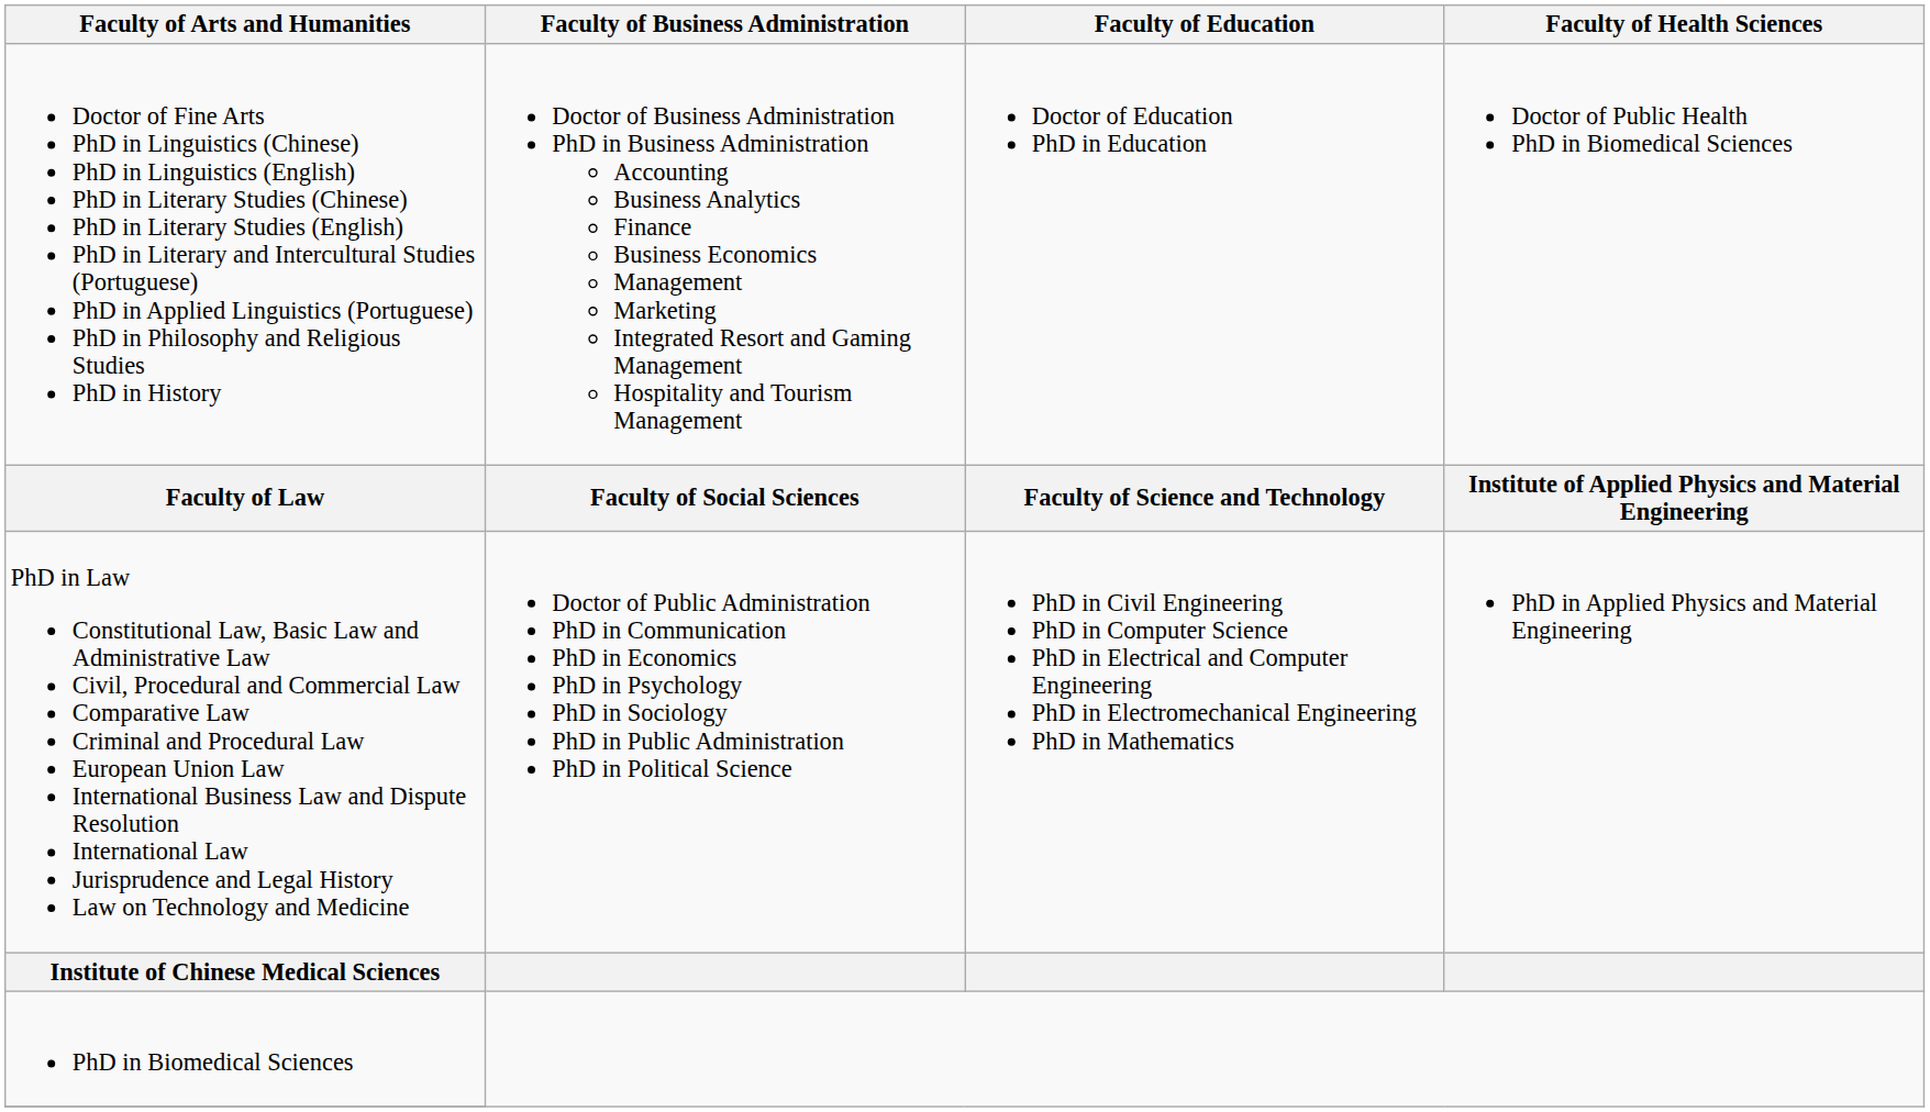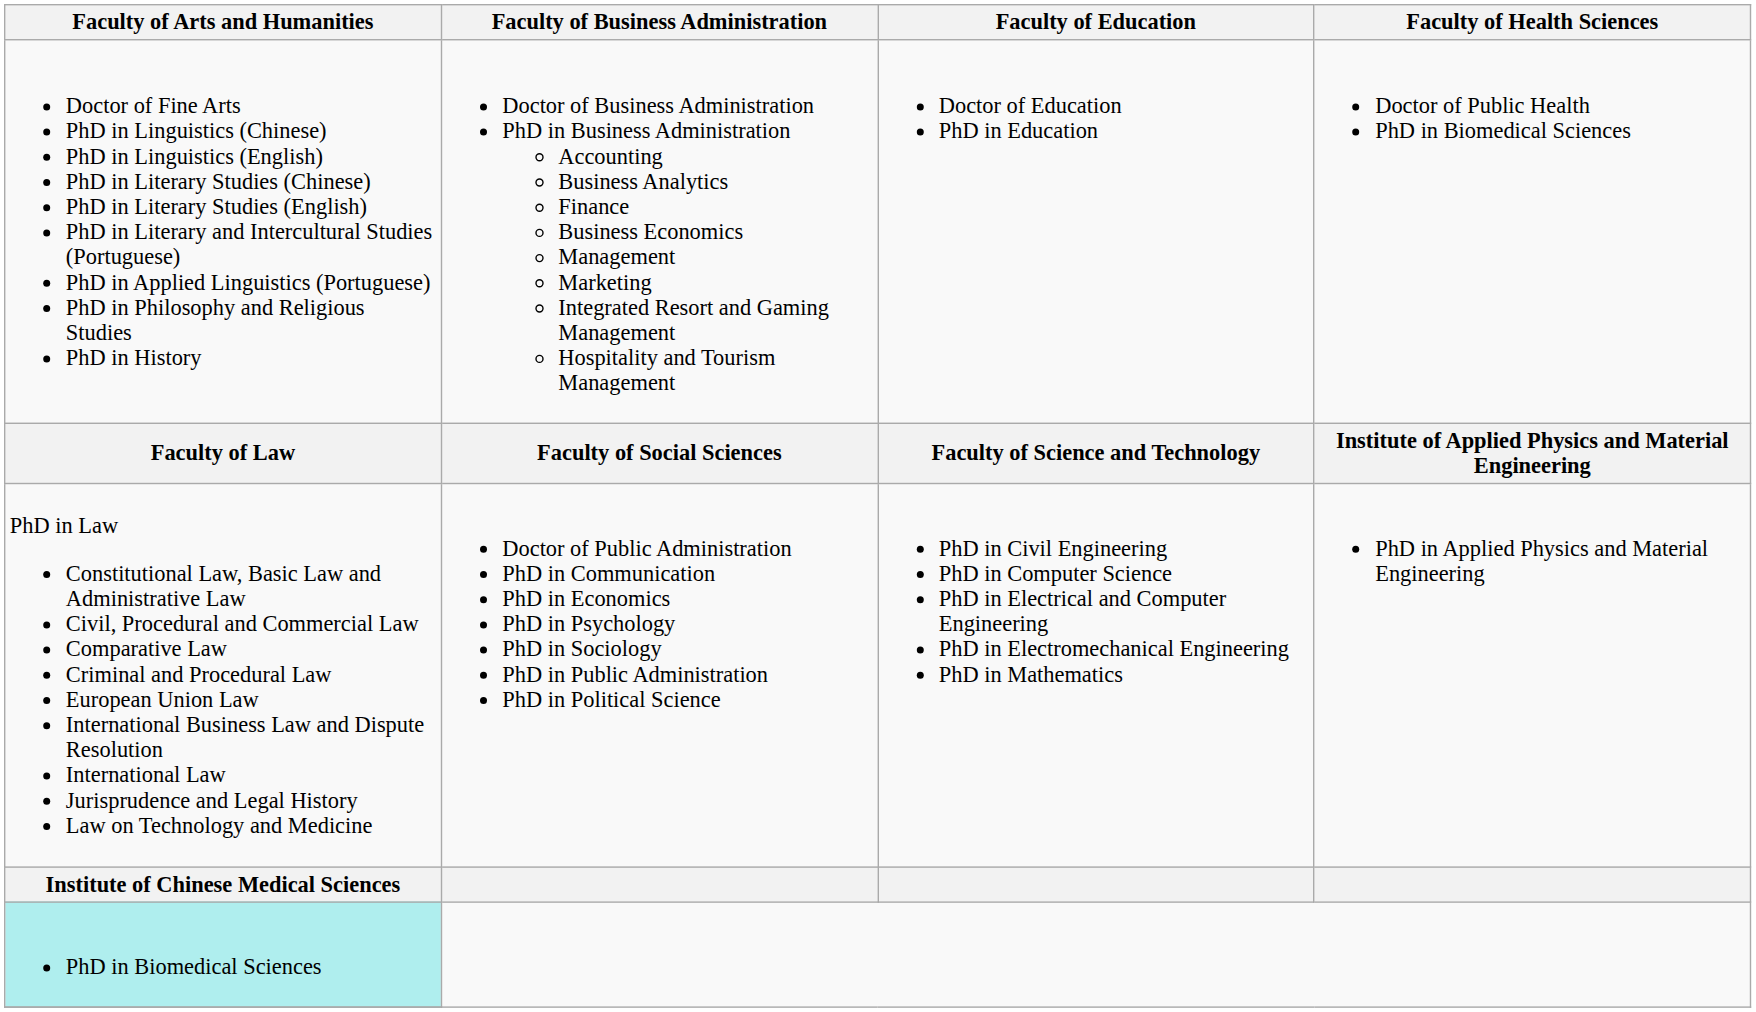 <table class="wikitable">
 <tr>
 <th width="25%">Faculty of Arts and Humanities</th>
 <th width="25%">Faculty of Business Administration</th>
 <th width="25%">Faculty of Education</th>
 <th width="25%">Faculty of Health Sciences</th>
 </tr>
 <tr>
 <td valign="top"><br><ul><li>Doctor of Fine Arts</li><li>PhD in Linguistics (Chinese)</li><li>PhD in Linguistics (English)</li><li>PhD in Literary Studies (Chinese)</li><li>PhD in Literary Studies (English)</li><li>PhD in Literary and Intercultural Studies (Portuguese)</li><li>PhD in Applied Linguistics (Portuguese)</li><li>PhD in Philosophy and Religious Studies</li><li>PhD in History</li></ul></td>
 <td valign="top"><br><ul><li>Doctor of Business Administration</li><li>PhD in Business Administration<ul><li>Accounting</li><li>Business Analytics</li><li>Finance</li><li>Business Economics</li><li>Management</li><li>Marketing</li><li>Integrated Resort and Gaming Management</li><li>Hospitality and Tourism Management</li></ul></li></ul></td>
 <td valign="top"><br><ul><li>Doctor of Education</li><li>PhD in Education</li></ul></td>
 <td valign="top"><br><ul><li>Doctor of Public Health</li><li>PhD in Biomedical Sciences</li></ul></td>
 </tr>
 <tr>
 <th>Faculty of Law</th>
 <th>Faculty of Social Sciences</th>
 <th>Faculty of Science and Technology</th>
 <th>Institute of Applied Physics and Material Engineering</th>
 </tr>
 <tr>
 <td valign="top"><br>PhD in Law<ul><li>Constitutional Law, Basic Law and Administrative Law</li><li>Civil, Procedural and Commercial Law</li><li>Comparative Law</li><li>Criminal and Procedural Law</li><li>European Union Law</li><li>International Business Law and Dispute Resolution</li><li>International Law</li><li>Jurisprudence and Legal History</li><li>Law on Technology and Medicine</li></ul></td>
 <td valign="top"><br><ul><li>Doctor of Public Administration</li><li>PhD in Communication</li><li>PhD in Economics</li><li>PhD in Psychology</li><li>PhD in Sociology</li><li>PhD in Public Administration</li><li>PhD in Political Science</li></ul></td>
 <td valign="top"><br><ul><li>PhD in Civil Engineering</li><li>PhD in Computer Science</li><li>PhD in Electrical and Computer Engineering</li><li>PhD in Electromechanical Engineering</li><li>PhD in Mathematics</li></ul></td>
 <td valign="top"><br><ul><li>PhD in Applied Physics and Material Engineering</li></ul></td>
 </tr>
 <tr>
 <th>Institute of Chinese Medical Sciences</th>
 <th></th>
 <th></th>
 <th></th>
 </tr>
 <tr>
-<td valign="top"><br><ul><li>PhD in Biomedical Sciences</li></ul></td>
+<td valign="top" style="background: paleturquoise;"><br><ul><li>PhD in Biomedical Sciences</li></ul></td>
 </tr>
 <tr>
 </tr>
 </table>
